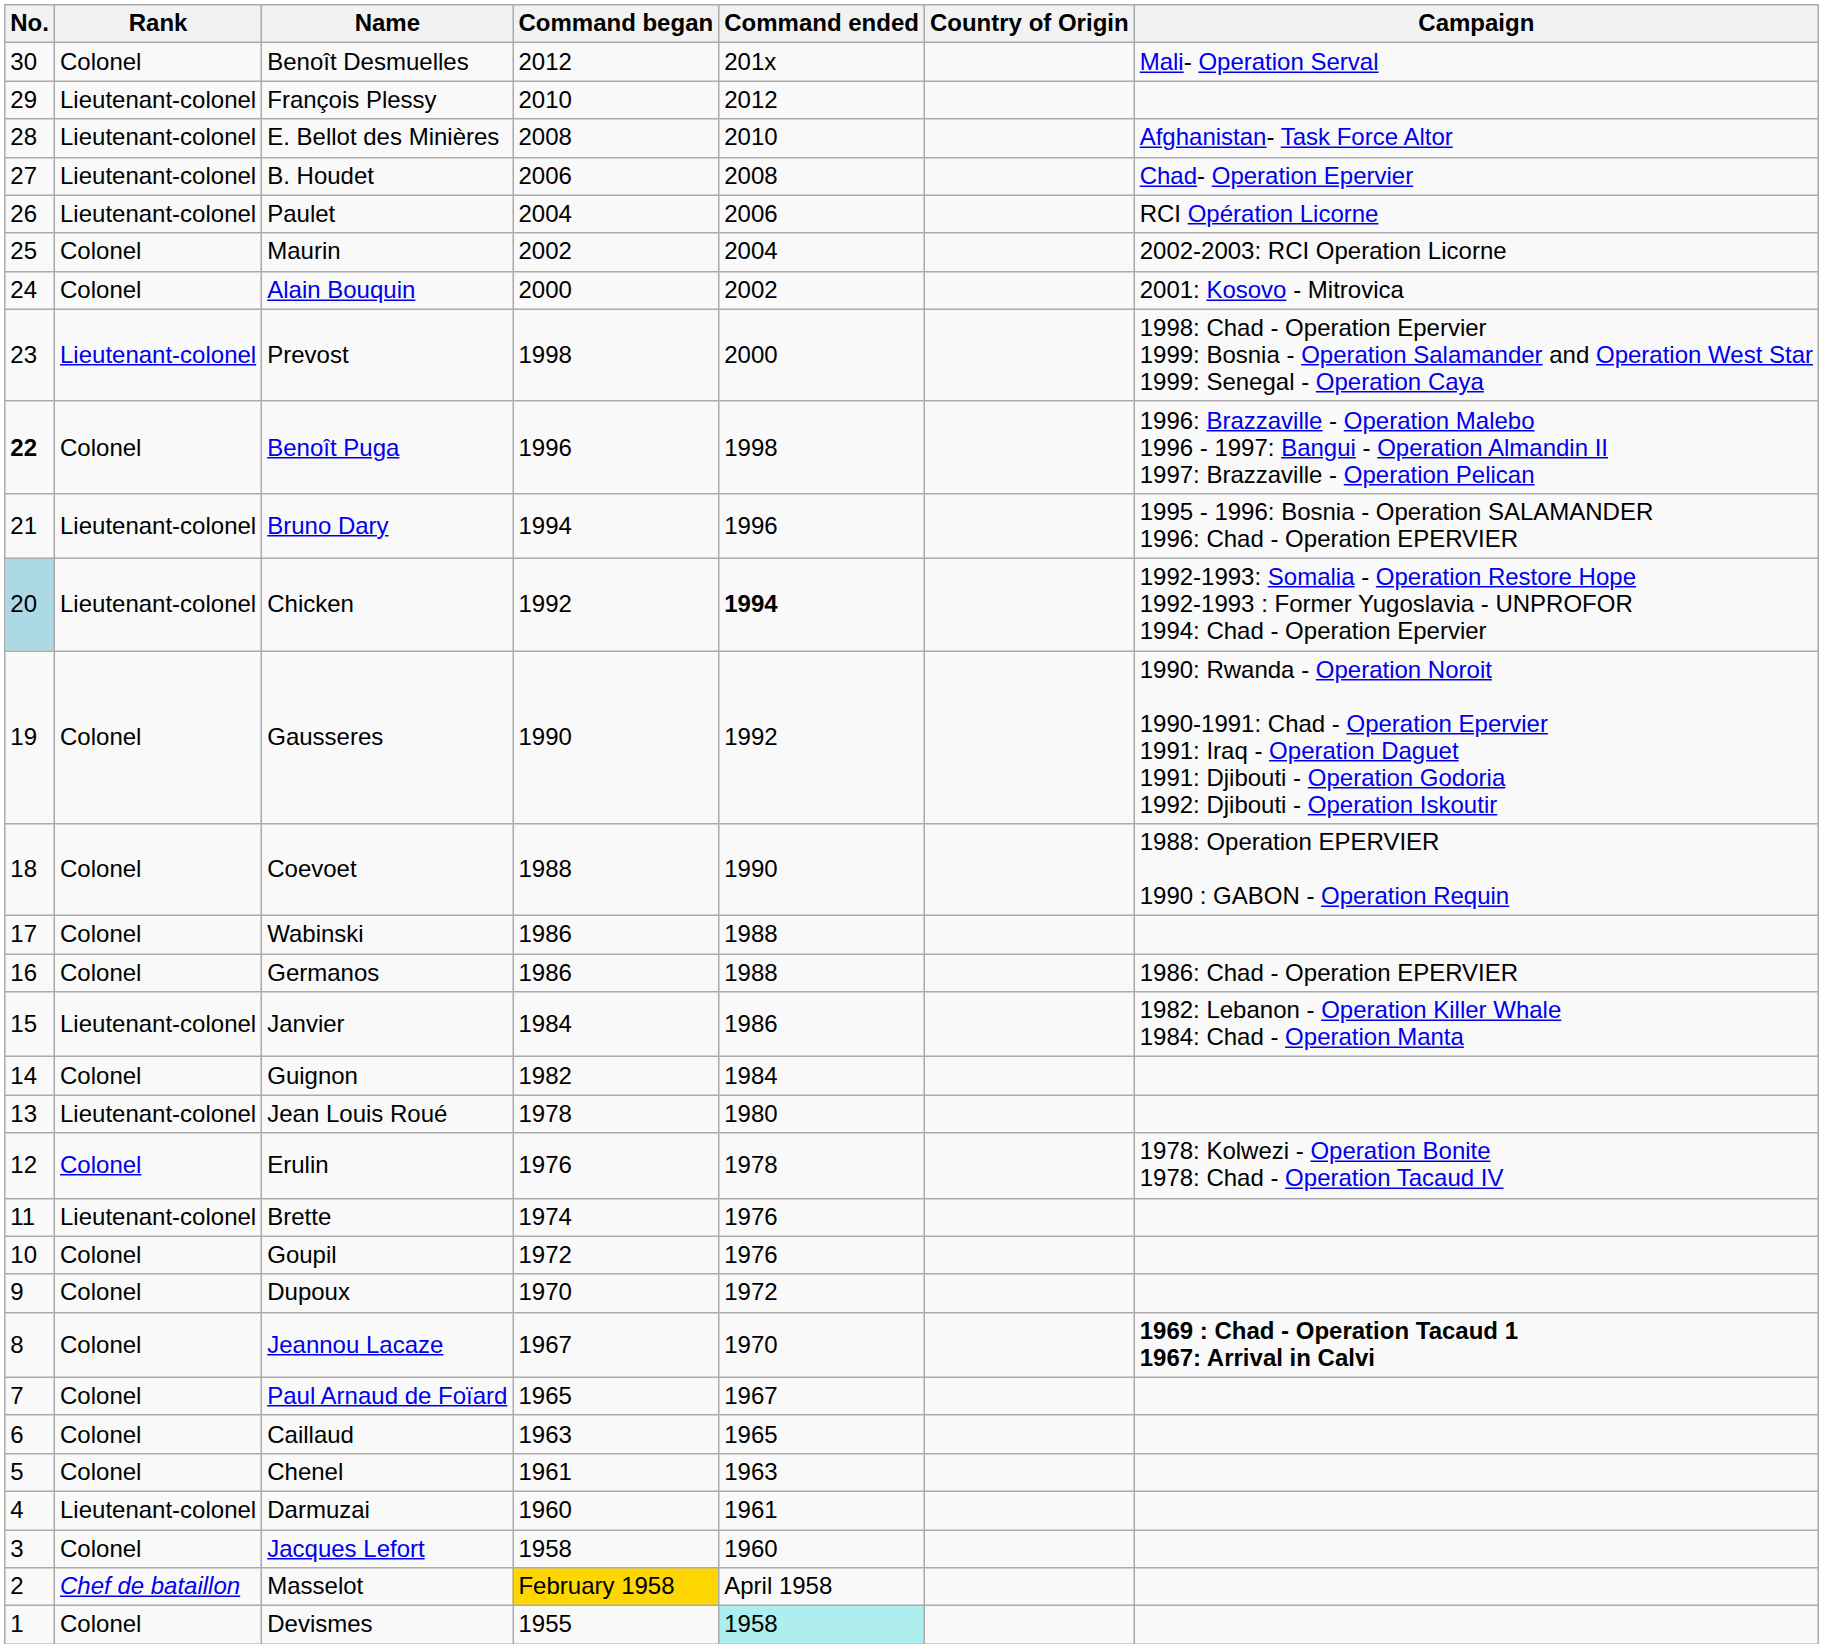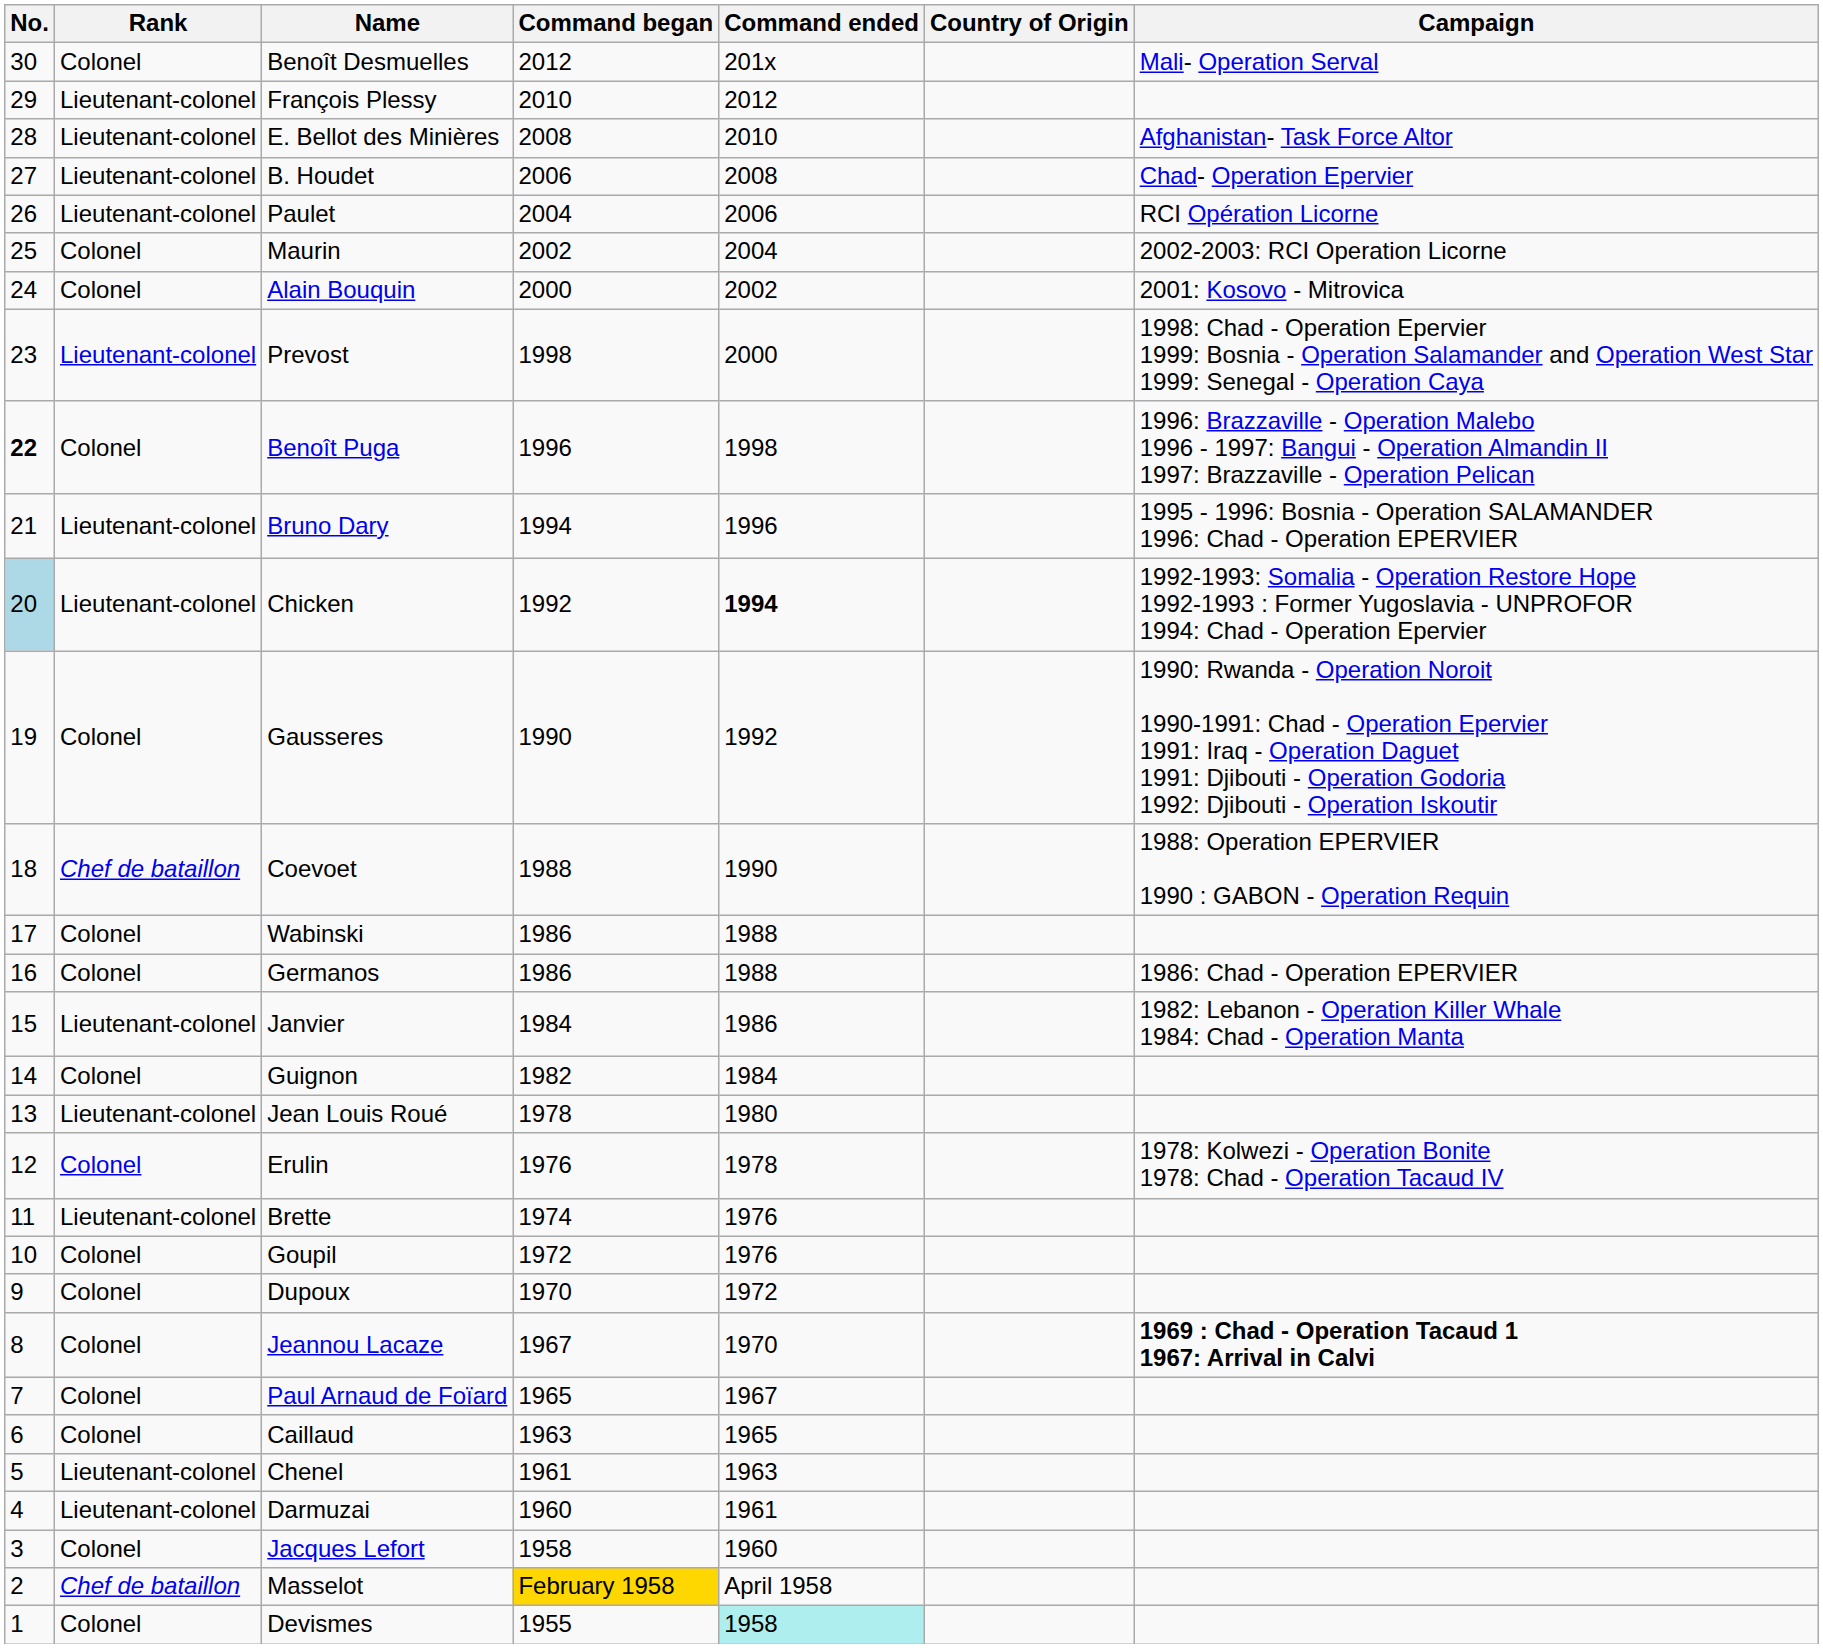 <table class="wikitable sortable">
 <tr>
 <th>No.</th>
 <th>Rank</th>
 <th>Name</th>
 <th>Command began</th>
 <th>Command ended</th>
 <th>Country of Origin</th>
 <th>Campaign</th>
 </tr>
 <tr>
 <td>30</td>
 <td>Colonel</td>
 <td>Benoît Desmuelles</td>
 <td>2012</td>
 <td>201x</td>
 <td></td>
 <td><a href='#'>Mali</a>- <a href='#'>Operation Serval</a></td>
 </tr>
 <tr>
 <td>29</td>
 <td>Lieutenant-colonel</td>
 <td>François Plessy</td>
 <td>2010</td>
 <td>2012</td>
 <td></td>
 <td></td>
 </tr>
 <tr>
 <td>28</td>
 <td>Lieutenant-colonel</td>
 <td>E. Bellot des Minières</td>
 <td>2008</td>
 <td>2010</td>
 <td></td>
 <td><a href='#'>Afghanistan</a>- <a href='#'>Task Force Altor</a></td>
 </tr>
 <tr>
 <td>27</td>
 <td>Lieutenant-colonel</td>
 <td>B. Houdet</td>
 <td>2006</td>
 <td>2008</td>
 <td></td>
 <td><a href='#'>Chad</a>- <a href='#'>Operation Epervier</a></td>
 </tr>
 <tr>
 <td>26</td>
 <td>Lieutenant-colonel</td>
 <td>Paulet</td>
 <td>2004</td>
 <td>2006</td>
 <td></td>
 <td>RCI <a href='#'>Opération Licorne</a></td>
 </tr>
 <tr>
 <td>25</td>
 <td>Colonel</td>
 <td>Maurin</td>
 <td>2002</td>
 <td>2004</td>
 <td></td>
 <td>2002-2003: RCI Operation Licorne</td>
 </tr>
 <tr>
 <td>24</td>
 <td>Colonel</td>
 <td><a href='#'>Alain Bouquin</a></td>
 <td>2000</td>
 <td>2002</td>
 <td></td>
 <td>2001: <a href='#'>Kosovo</a> - Mitrovica</td>
 </tr>
 <tr>
 <td>23</td>
 <td><a href='#'>Lieutenant-colonel</a></td>
 <td>Prevost</td>
 <td>1998</td>
 <td>2000</td>
 <td></td>
 <td>1998: Chad - Operation Epervier <br>1999: Bosnia - <a href='#'>Operation Salamander</a> and <a href='#'>Operation West Star</a> <br> 1999: Senegal - <a href='#'>Operation Caya</a></td>
 </tr>
 <tr>
 <td><strong>22</strong></td>
 <td>Colonel</td>
 <td><a href='#'>Benoît Puga</a></td>
 <td>1996</td>
 <td>1998</td>
 <td></td>
 <td>1996: <a href='#'>Brazzaville</a> - <a href='#'>Operation Malebo</a> <br> 1996 - 1997: <a href='#'>Bangui</a> - <a href='#'>Operation Almandin II</a> <br>1997: Brazzaville - <a href='#'>Operation Pelican</a></td>
 </tr>
 <tr>
 <td>21</td>
 <td>Lieutenant-colonel</td>
 <td><a href='#'>Bruno Dary</a></td>
 <td>1994</td>
 <td>1996</td>
 <td></td>
 <td>1995 - 1996: Bosnia - Operation SALAMANDER <br> 1996: Chad - Operation EPERVIER</td>
 </tr>
 <tr>
 <td style="background: lightblue;">20</td>
 <td>Lieutenant-colonel</td>
 <td>Chicken</td>
 <td>1992</td>
 <td><strong>1994</strong></td>
 <td></td>
 <td>1992-1993: <a href='#'>Somalia</a> - <a href='#'>Operation Restore Hope</a> <br> 1992-1993 : Former Yugoslavia - UNPROFOR <br> 1994: Chad - Operation Epervier</td>
 </tr>
 <tr>
 <td>19</td>
 <td>Colonel</td>
 <td>Gausseres</td>
 <td>1990</td>
 <td>1992</td>
 <td></td>
 <td>1990: Rwanda - <a href='#'>Operation Noroit</a> <br><br>1990-1991: Chad - <a href='#'>Operation Epervier</a> <br> 1991: Iraq - <a href='#'>Operation Daguet</a> <br> 1991: Djibouti - <a href='#'>Operation Godoria</a> <br> 1992: Djibouti - <a href='#'>Operation Iskoutir</a><br></td>
 </tr>
 <tr>
 <td>18</td>
-<td>Colonel</td>
+<td><a href='#'><em>Chef de bataillon</em></a></td>
 <td>Coevoet</td>
 <td>1988</td>
 <td>1990</td>
 <td></td>
 <td>1988: Operation EPERVIER <br><br>1990 : GABON - <a href='#'>Operation Requin</a></td>
 </tr>
 <tr>
 <td>17</td>
 <td>Colonel</td>
 <td>Wabinski</td>
 <td>1986</td>
 <td>1988</td>
 <td></td>
 <td></td>
 </tr>
 <tr>
 <td>16</td>
 <td>Colonel</td>
 <td>Germanos</td>
 <td>1986</td>
 <td>1988</td>
 <td></td>
 <td>1986: Chad - Operation EPERVIER</td>
 </tr>
 <tr>
 <td>15</td>
 <td>Lieutenant-colonel</td>
 <td>Janvier</td>
 <td>1984</td>
 <td>1986</td>
 <td></td>
 <td>1982: Lebanon - <a href='#'>Operation Killer Whale</a> <br> 1984: Chad - <a href='#'>Operation Manta</a></td>
 </tr>
 <tr>
 <td>14</td>
 <td>Colonel</td>
 <td>Guignon</td>
 <td>1982</td>
 <td>1984</td>
 <td></td>
 <td></td>
 </tr>
 <tr>
 <td>13</td>
 <td>Lieutenant-colonel</td>
 <td>Jean Louis Roué</td>
 <td>1978</td>
 <td>1980</td>
 <td></td>
 <td></td>
 </tr>
 <tr>
 <td>12</td>
 <td><a href='#'>Colonel</a></td>
 <td>Erulin</td>
 <td>1976</td>
 <td>1978</td>
 <td></td>
 <td>1978: Kolwezi - <a href='#'>Operation Bonite</a><br> 1978: Chad - <a href='#'>Operation Tacaud IV</a></td>
 </tr>
 <tr>
 <td>11</td>
 <td>Lieutenant-colonel</td>
 <td>Brette</td>
 <td>1974</td>
 <td>1976</td>
 <td></td>
 <td></td>
 </tr>
 <tr>
 <td>10</td>
 <td>Colonel</td>
 <td>Goupil</td>
 <td>1972</td>
 <td>1976</td>
 <td></td>
 <td></td>
 </tr>
 <tr>
 <td>9</td>
 <td>Colonel</td>
 <td>Dupoux</td>
 <td>1970</td>
 <td>1972</td>
 <td></td>
 <td></td>
 </tr>
 <tr>
 <td>8</td>
 <td>Colonel</td>
 <td><a href='#'>Jeannou Lacaze</a></td>
 <td>1967</td>
 <td>1970</td>
 <td></td>
 <td><strong>1969 : Chad - Operation Tacaud 1<br>1967: Arrival in Calvi</strong></td>
 </tr>
 <tr>
 <td>7</td>
 <td>Colonel</td>
 <td><a href='#'>Paul Arnaud de Foïard</a></td>
 <td>1965</td>
 <td>1967</td>
 <td></td>
 <td></td>
 </tr>
 <tr>
 <td>6</td>
 <td>Colonel</td>
 <td>Caillaud</td>
 <td>1963</td>
 <td>1965</td>
 <td></td>
 <td></td>
 </tr>
 <tr>
 <td>5</td>
-<td>Colonel</td>
+<td>Lieutenant-colonel</td>
 <td>Chenel</td>
 <td>1961</td>
 <td>1963</td>
 <td></td>
 <td></td>
 </tr>
 <tr>
 <td>4</td>
 <td>Lieutenant-colonel</td>
 <td>Darmuzai</td>
 <td>1960</td>
 <td>1961</td>
 <td></td>
 <td></td>
 </tr>
 <tr>
 <td>3</td>
 <td>Colonel</td>
 <td><a href='#'>Jacques Lefort</a></td>
 <td>1958</td>
 <td>1960</td>
 <td></td>
 <td></td>
 </tr>
 <tr>
 <td>2</td>
 <td><a href='#'><em>Chef de bataillon</em></a></td>
 <td>Masselot</td>
 <td style="background: gold;">February 1958</td>
 <td>April 1958</td>
 <td></td>
 <td></td>
 </tr>
 <tr>
 <td>1</td>
 <td>Colonel</td>
 <td>Devismes</td>
 <td>1955</td>
 <td style="background: paleturquoise;">1958</td>
 <td></td>
 <td></td>
 </tr>
 </table>
